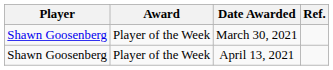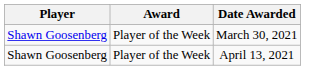 <table class="wikitable sortable sortable" style="text-align: center">
 <tr align=center>
 <th>Player</th>
 <th>Award</th>
 <th>Date Awarded</th>
-<th>Ref.</th>
 </tr>
 <tr>
 <td><a href='#'>Shawn Goosenberg</a></td>
 <td rowspan="1">Player of the Week</td>
 <td rowspan="1">March 30, 2021</td>
-<td rowspan="1"></td>
 </tr>
 <tr>
 <td>Shawn Goosenberg</td>
 <td rowspan="1">Player of the Week</td>
 <td rowspan="1">April 13, 2021</td>
-<td rowspan="1"></td>
 </tr>
 </table>
